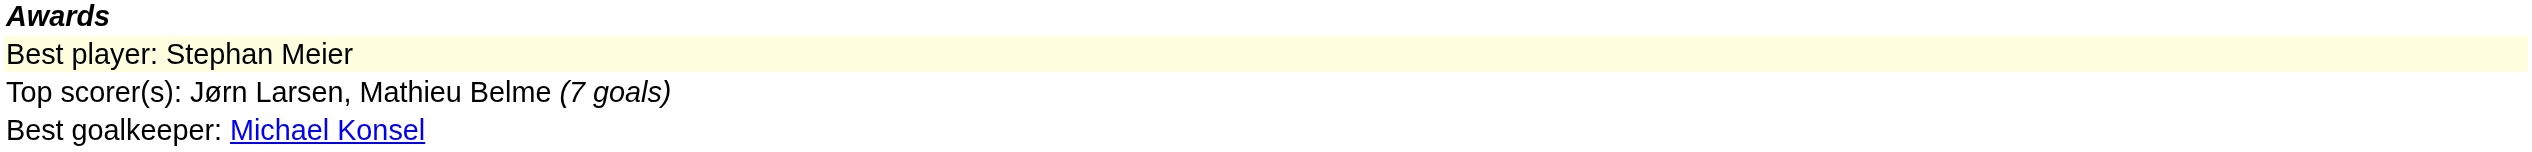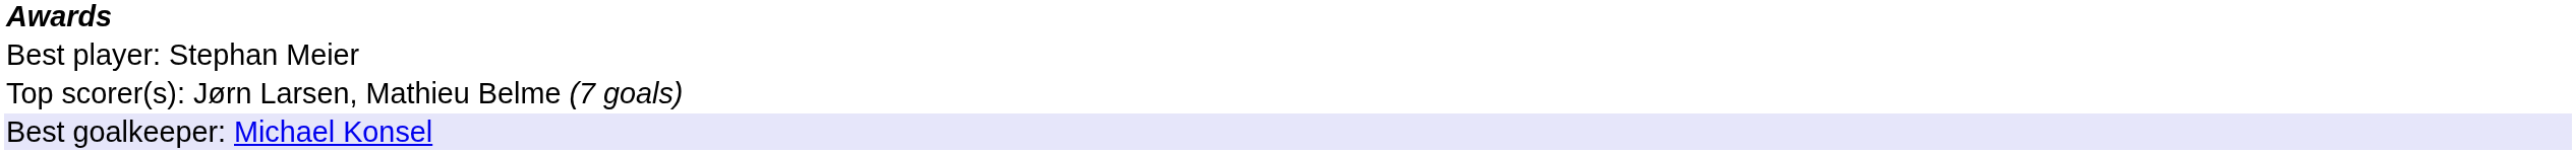 <table width=100% cellspacing=1 style="font-size: 90%;">
 <tr>
 <td><strong><em>Awards</em></strong></td>
 </tr>
 <tr>
-<td style="background: lightyellow;">Best player:  Stephan Meier</td>
+<td>Best player:  Stephan Meier</td>
 </tr>
 <tr>
 <td colspan=4>Top scorer(s):  Jørn Larsen,  Mathieu Belme <em>(7 goals)</em></td>
 </tr>
 <tr>
-<td>Best goalkeeper:  <a href='#'>Michael Konsel</a></td>
+<td style="background: lavender;">Best goalkeeper:  <a href='#'>Michael Konsel</a></td>
 </tr>
 </table>
